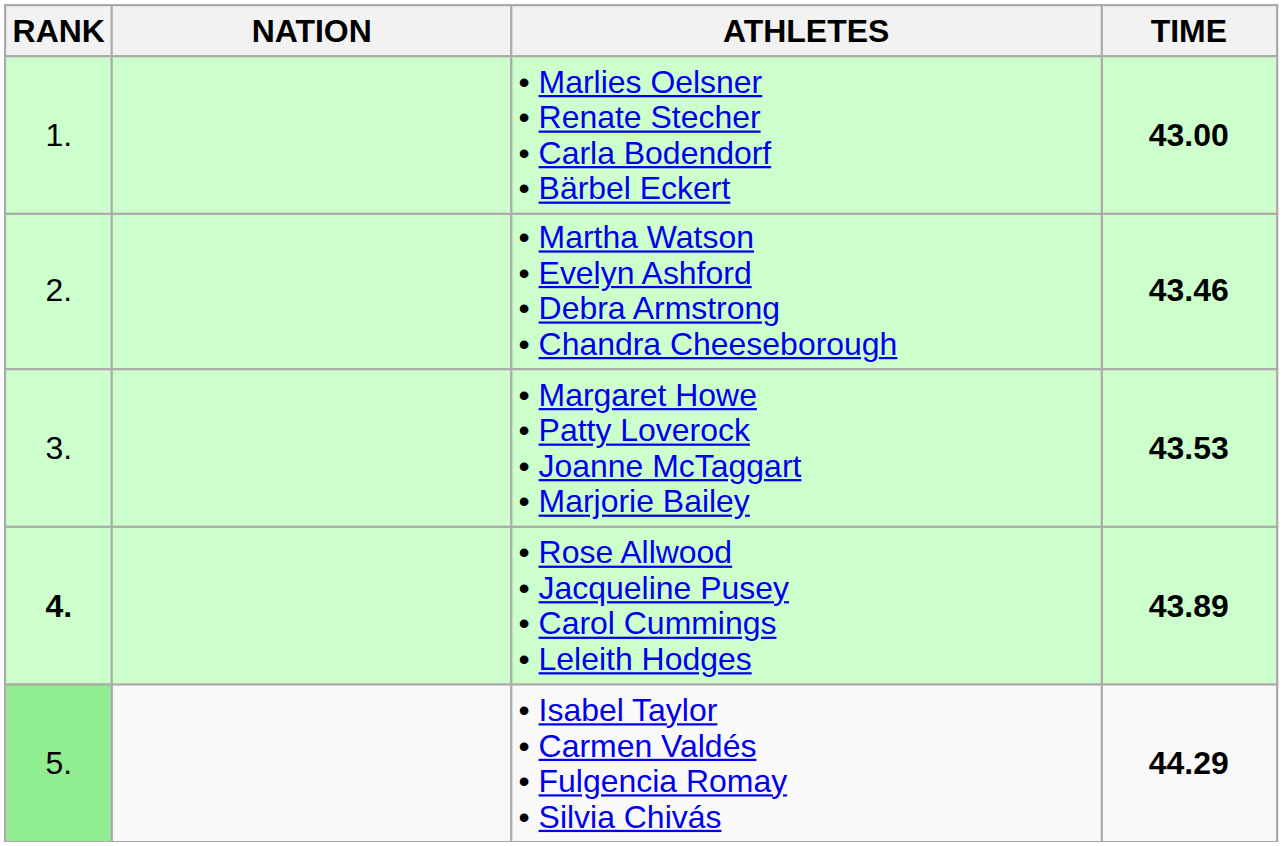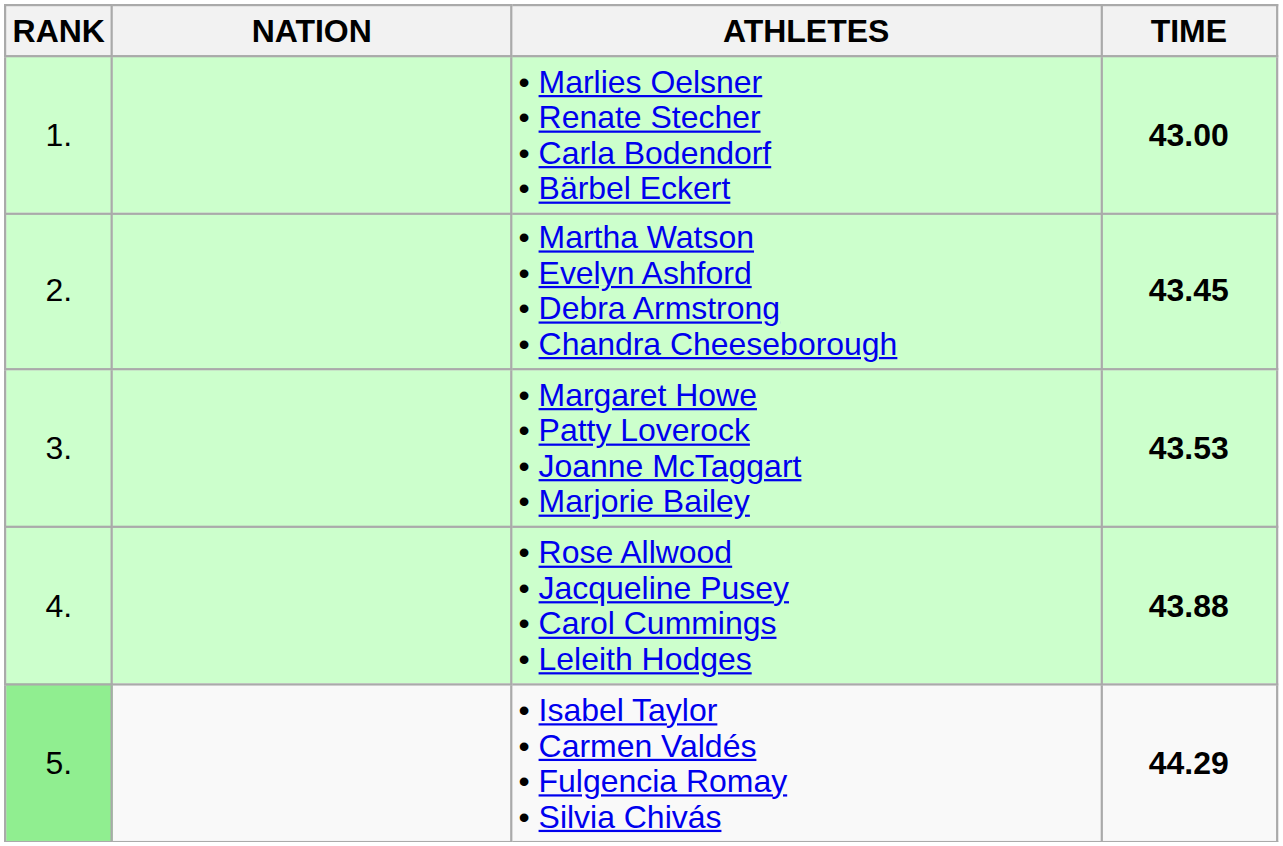 <table class="wikitable" style="border-collapse: collapse; font-size: 90%;">
 <tr>
 <th>RANK</th>
 <th style="width: 12em">NATION</th>
 <th style="width: 18em">ATHLETES</th>
 <th style="width: 5em">TIME</th>
 </tr>
 <tr style="background:#ccffcc;">
 <td align="center">1.</td>
 <td align="center"></td>
 <td>• <a href='#'>Marlies Oelsner</a><br>• <a href='#'>Renate Stecher</a><br>• <a href='#'>Carla Bodendorf</a><br>• <a href='#'>Bärbel Eckert</a></td>
 <td align="center"><strong>43.00</strong></td>
 </tr>
 <tr style="background:#ccffcc;">
 <td align="center">2.</td>
 <td align="center"></td>
 <td>• <a href='#'>Martha Watson</a><br>• <a href='#'>Evelyn Ashford</a><br>• <a href='#'>Debra Armstrong</a><br>• <a href='#'>Chandra Cheeseborough</a></td>
-<td align="center"><strong>43.46</strong></td>
+<td align="center"><strong>43.45</strong></td>
 </tr>
 <tr style="background:#ccffcc;">
 <td align="center">3.</td>
 <td align="center"></td>
 <td>• <a href='#'>Margaret Howe</a><br>• <a href='#'>Patty Loverock</a><br>• <a href='#'>Joanne McTaggart</a><br>• <a href='#'>Marjorie Bailey</a></td>
 <td align="center"><strong>43.53</strong></td>
 </tr>
 <tr style="background:#ccffcc;">
-<td align="center"><strong>4.</strong></td>
+<td align="center">4.</td>
 <td align="center"></td>
 <td>• <a href='#'>Rose Allwood</a><br>• <a href='#'>Jacqueline Pusey</a><br>• <a href='#'>Carol Cummings</a><br>• <a href='#'>Leleith Hodges</a></td>
-<td align="center"><strong>43.89</strong></td>
+<td align="center"><strong>43.88</strong></td>
 </tr>
 <tr>
 <td align="center" style="background: lightgreen;">5.</td>
 <td align="center"></td>
 <td>• <a href='#'>Isabel Taylor</a><br>• <a href='#'>Carmen Valdés</a><br>• <a href='#'>Fulgencia Romay</a><br>• <a href='#'>Silvia Chivás</a></td>
 <td align="center"><strong>44.29</strong></td>
 </tr>
 </table>
